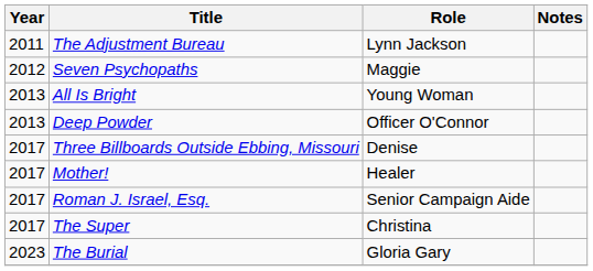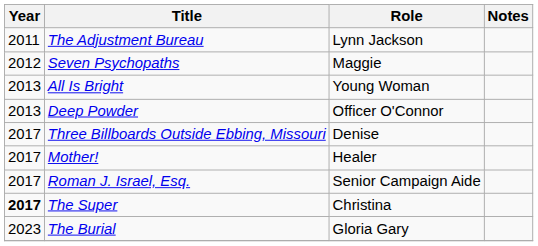 <table class="wikitable sortable">
 <tr>
 <th>Year</th>
 <th>Title</th>
 <th>Role</th>
 <th class="unsortable">Notes</th>
 </tr>
 <tr>
 <td>2011</td>
 <td><em><a href='#'>The Adjustment Bureau</a></em></td>
 <td>Lynn Jackson</td>
 <td></td>
 </tr>
 <tr>
 <td>2012</td>
 <td><em><a href='#'>Seven Psychopaths</a></em></td>
 <td>Maggie</td>
 <td></td>
 </tr>
 <tr>
 <td>2013</td>
 <td><em><a href='#'>All Is Bright</a></em></td>
 <td>Young Woman</td>
 <td></td>
 </tr>
 <tr>
 <td>2013</td>
 <td><em><a href='#'>Deep Powder</a></em></td>
 <td>Officer O'Connor</td>
 <td></td>
 </tr>
 <tr>
 <td>2017</td>
 <td><em><a href='#'>Three Billboards Outside Ebbing, Missouri</a></em></td>
 <td>Denise</td>
 <td></td>
 </tr>
 <tr>
 <td>2017</td>
 <td><em><a href='#'>Mother!</a></em></td>
 <td>Healer</td>
 <td></td>
 </tr>
 <tr>
 <td>2017</td>
 <td><em><a href='#'>Roman J. Israel, Esq.</a></em></td>
 <td>Senior Campaign Aide</td>
 <td></td>
 </tr>
 <tr>
-<td>2017</td>
+<td><strong>2017</strong></td>
 <td><em><a href='#'>The Super</a></em></td>
 <td>Christina</td>
 <td></td>
 </tr>
 <tr>
 <td>2023</td>
 <td><em><a href='#'>The Burial</a></em></td>
 <td>Gloria Gary</td>
 <td></td>
 </tr>
 <tr>
 </tr>
 </table>
